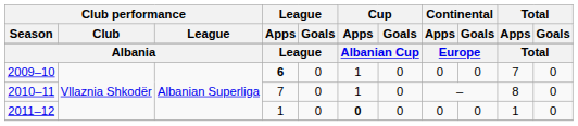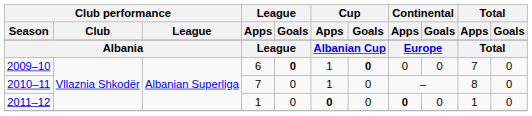 <table class="wikitable" style="text-align:center">
 <tr>
 <th colspan=3>Club performance</th>
 <th colspan=2>League</th>
 <th colspan=2>Cup</th>
 <th colspan=2>Continental</th>
 <th colspan=2>Total</th>
 </tr>
 <tr>
 <th>Season</th>
 <th>Club</th>
 <th>League</th>
 <th>Apps</th>
 <th>Goals</th>
 <th>Apps</th>
 <th>Goals</th>
 <th>Apps</th>
 <th>Goals</th>
 <th>Apps</th>
 <th>Goals</th>
 </tr>
 <tr>
 </tr>
 <tr>
 <th colspan=3>Albania</th>
 <th colspan=2>League</th>
 <th colspan=2><a href='#'>Albanian Cup</a></th>
 <th colspan=2><a href='#'>Europe</a></th>
 <th colspan=2>Total</th>
 </tr>
 <tr>
 <td><a href='#'>2009–10</a></td>
 <td rowspan="3"><a href='#'>Vllaznia Shkodër</a></td>
 <td rowspan="3"><a href='#'>Albanian Superliga</a></td>
-<td><strong>6</strong></td>
-<td>0</td>
+<td>6</td>
+<td><strong>0</strong></td>
 <td>1</td>
-<td>0</td>
+<td><strong>0</strong></td>
 <td>0</td>
 <td>0</td>
 <td>7</td>
 <td>0</td>
 </tr>
 <tr>
 <td><a href='#'>2010–11</a></td>
 <td>7</td>
 <td>0</td>
 <td>1</td>
 <td>0</td>
 <td colspan="2">–</td>
 <td>8</td>
 <td>0</td>
 </tr>
 <tr>
 <td><a href='#'>2011–12</a></td>
 <td>1</td>
 <td>0</td>
 <td><strong>0</strong></td>
 <td>0</td>
-<td>0</td>
+<td><strong>0</strong></td>
 <td>0</td>
 <td>1</td>
 <td>0</td>
 </tr>
 <tr>
 </tr>
 </table>
